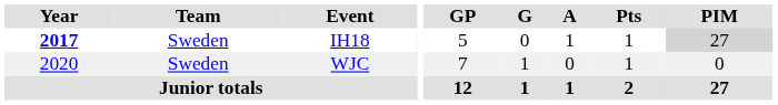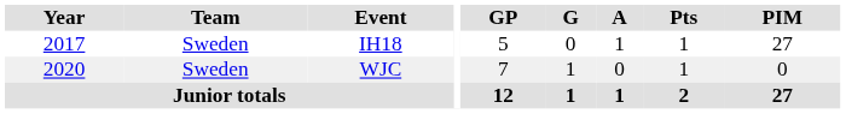 <table border="0" cellpadding="1" cellspacing="0" ID="Table3" style="text-align:center; width:40em">
 <tr bgcolor="#e0e0e0">
 <th>Year</th>
 <th>Team</th>
 <th>Event</th>
 <th rowspan="102" bgcolor="#ffffff"></th>
 <th>GP</th>
 <th>G</th>
 <th>A</th>
 <th>Pts</th>
 <th>PIM</th>
 </tr>
 <tr>
-<td><strong><a href='#'>2017</a></strong></td>
+<td><a href='#'>2017</a></td>
 <td><a href='#'>Sweden</a></td>
 <td><a href='#'>IH18</a></td>
 <td>5</td>
 <td>0</td>
 <td>1</td>
 <td>1</td>
-<td style="background: lightgrey;">27</td>
+<td>27</td>
 </tr>
 <tr bgcolor="#f0f0f0">
 <td><a href='#'>2020</a></td>
 <td><a href='#'>Sweden</a></td>
 <td><a href='#'>WJC</a></td>
 <td>7</td>
 <td>1</td>
 <td>0</td>
 <td>1</td>
 <td>0</td>
 </tr>
 <tr bgcolor="#e0e0e0">
 <th colspan="3">Junior totals</th>
 <th>12</th>
 <th>1</th>
 <th>1</th>
 <th>2</th>
 <th>27</th>
 </tr>
 </table>
